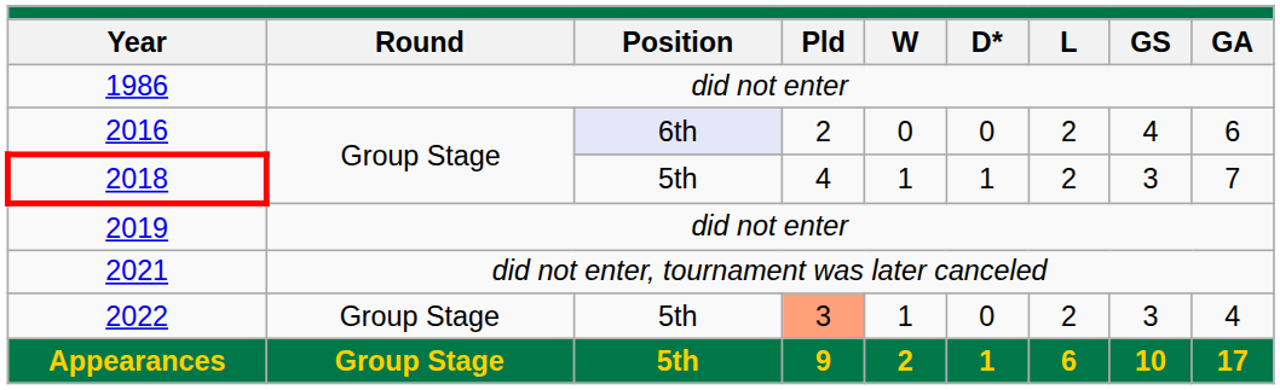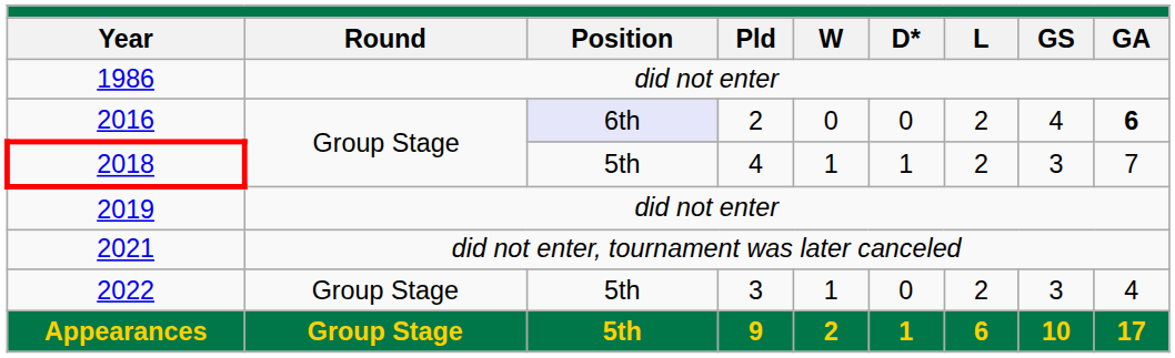 <table class="wikitable" style="text-align: center;font-size:90%;">
 <tr>
 <th colspan="9" style="background: #007749; color: #FFD100;"><a href='#'></a></th>
 </tr>
 <tr>
 <th width=125>Year</th>
 <th width=150>Round</th>
 <th width=100>Position</th>
 <th width=35>Pld</th>
 <th width=35>W</th>
 <th width=35>D*</th>
 <th width=35>L</th>
 <th width=35>GS</th>
 <th width=35>GA</th>
 </tr>
 <tr>
 <td> <a href='#'>1986</a></td>
 <td colspan="8"><em>did not enter</em></td>
 </tr>
 <tr>
 <td> <a href='#'>2016</a></td>
 <td rowspan="2">Group Stage</td>
 <td style="background: lavender;">6th</td>
 <td>2</td>
 <td>0</td>
 <td>0</td>
 <td>2</td>
 <td>4</td>
-<td>6</td>
+<td><strong>6</strong></td>
 </tr>
 <tr>
 <td style="border:3px solid red;"> <a href='#'>2018</a></td>
 <td>5th</td>
 <td>4</td>
 <td>1</td>
 <td>1</td>
 <td>2</td>
 <td>3</td>
 <td>7</td>
 </tr>
 <tr>
 <td> <a href='#'>2019</a></td>
 <td colspan="8"><em>did not enter</em></td>
 </tr>
 <tr>
 <td> <a href='#'>2021</a></td>
 <td colspan="8"><em>did not enter, tournament was later canceled</em></td>
 </tr>
 <tr>
 <td> <a href='#'>2022</a></td>
 <td>Group Stage</td>
 <td>5th</td>
-<td style="background: lightsalmon;">3</td>
+<td>3</td>
 <td>1</td>
 <td>0</td>
 <td>2</td>
 <td>3</td>
 <td>4</td>
 </tr>
 <tr>
 <td colspan=1 style="background: #007749; color: #FFD100;"><strong>Appearances</strong></td>
 <td style="background: #007749; color: #FFD100;"><strong>Group Stage</strong></td>
 <td style="background: #007749; color: #FFD100;"><strong>5th</strong></td>
 <td style="background: #007749; color: #FFD100;"><strong>9</strong></td>
 <td style="background: #007749; color: #FFD100;"><strong>2</strong></td>
 <td style="background: #007749; color: #FFD100;"><strong>1</strong></td>
 <td style="background: #007749; color: #FFD100;"><strong>6</strong></td>
 <td style="background: #007749; color: #FFD100;"><strong>10</strong></td>
 <td style="background: #007749; color: #FFD100;"><strong>17</strong></td>
 </tr>
 </table>
